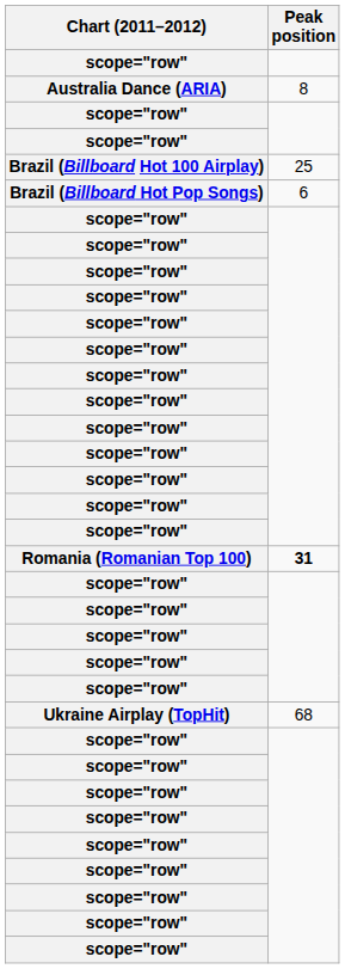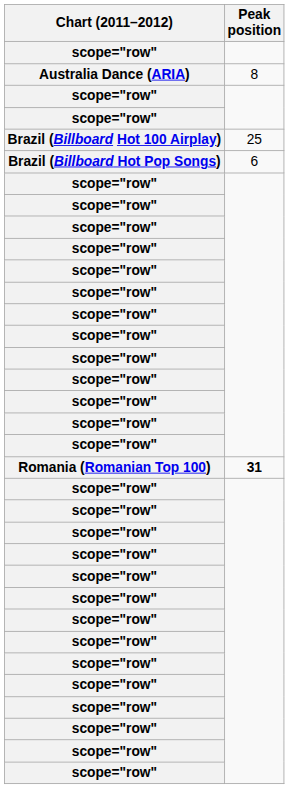 <table class="wikitable sortable plainrowheaders" style="text-align:center">
 <tr>
 <th scope="col">Chart (2011–2012)</th>
 <th scope="col">Peak<br>position</th>
 </tr>
 <tr>
 <th>scope="row"</th>
 </tr>
 <tr>
 <th scope="row">Australia Dance (<a href='#'>ARIA</a>)</th>
 <td>8</td>
 </tr>
 <tr>
 <th>scope="row"</th>
 </tr>
 <tr>
 <th>scope="row"</th>
 </tr>
 <tr>
 <th scope="row">Brazil (<em><a href='#'>Billboard</a></em> <a href='#'>Hot 100 Airplay</a>)</th>
 <td>25</td>
 </tr>
 <tr>
 <th scope="row">Brazil (<a href='#'><em>Billboard</em> Hot Pop Songs</a>)</th>
 <td>6</td>
 </tr>
 <tr>
 <th>scope="row"</th>
 </tr>
 <tr>
 <th>scope="row"</th>
 </tr>
 <tr>
 <th>scope="row"</th>
 </tr>
 <tr>
 <th>scope="row"</th>
 </tr>
 <tr>
 <th>scope="row"</th>
 </tr>
 <tr>
 <th>scope="row"</th>
 </tr>
 <tr>
 <th>scope="row"</th>
 </tr>
 <tr>
 <th>scope="row"</th>
 </tr>
 <tr>
 <th>scope="row"</th>
 </tr>
 <tr>
 <th>scope="row"</th>
 </tr>
 <tr>
 <th>scope="row"</th>
 </tr>
 <tr>
 <th>scope="row"</th>
 </tr>
 <tr>
 <th>scope="row"</th>
 </tr>
 <tr>
 <th scope="row">Romania (<a href='#'>Romanian Top 100</a>)</th>
 <td><strong>31</strong></td>
 </tr>
 <tr>
 <th>scope="row"</th>
 </tr>
 <tr>
 <th>scope="row"</th>
 </tr>
 <tr>
 <th>scope="row"</th>
 </tr>
 <tr>
 <th>scope="row"</th>
 </tr>
 <tr>
 <th>scope="row"</th>
 </tr>
 <tr>
-<th scope="row">Ukraine Airplay (<a href='#'>TopHit</a>)</th>
-<td>68</td>
-</tr>
-<tr>
 <th>scope="row"</th>
 </tr>
 <tr>
 <th>scope="row"</th>
 </tr>
 <tr>
 <th>scope="row"</th>
 </tr>
 <tr>
 <th>scope="row"</th>
 </tr>
 <tr>
 <th>scope="row"</th>
 </tr>
 <tr>
 <th>scope="row"</th>
 </tr>
 <tr>
 <th>scope="row"</th>
 </tr>
 <tr>
 <th>scope="row"</th>
 </tr>
 <tr>
 <th>scope="row"</th>
 </tr>
 </table>
